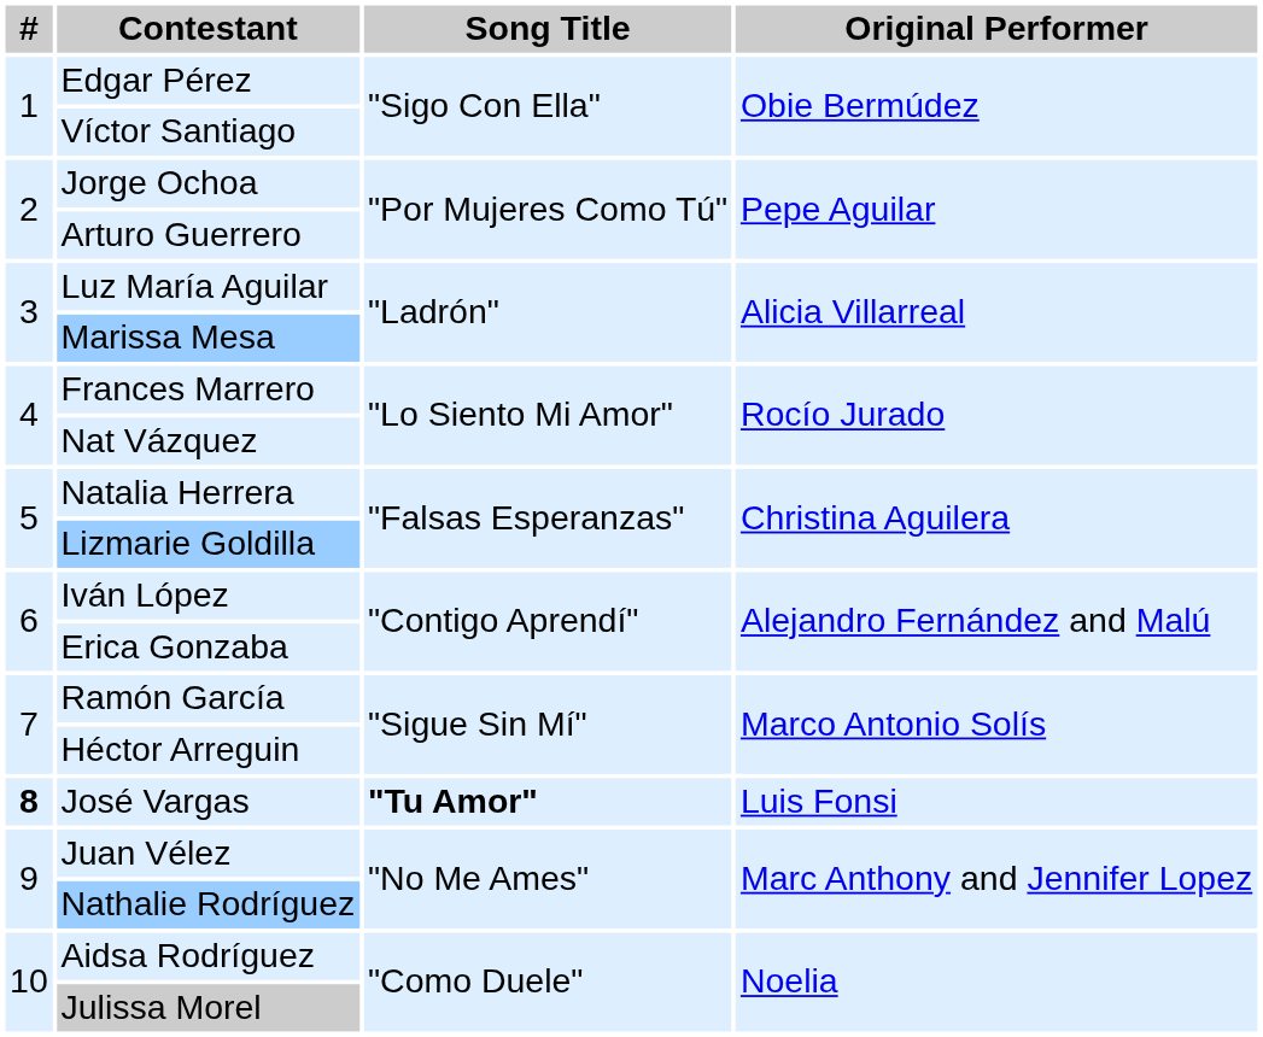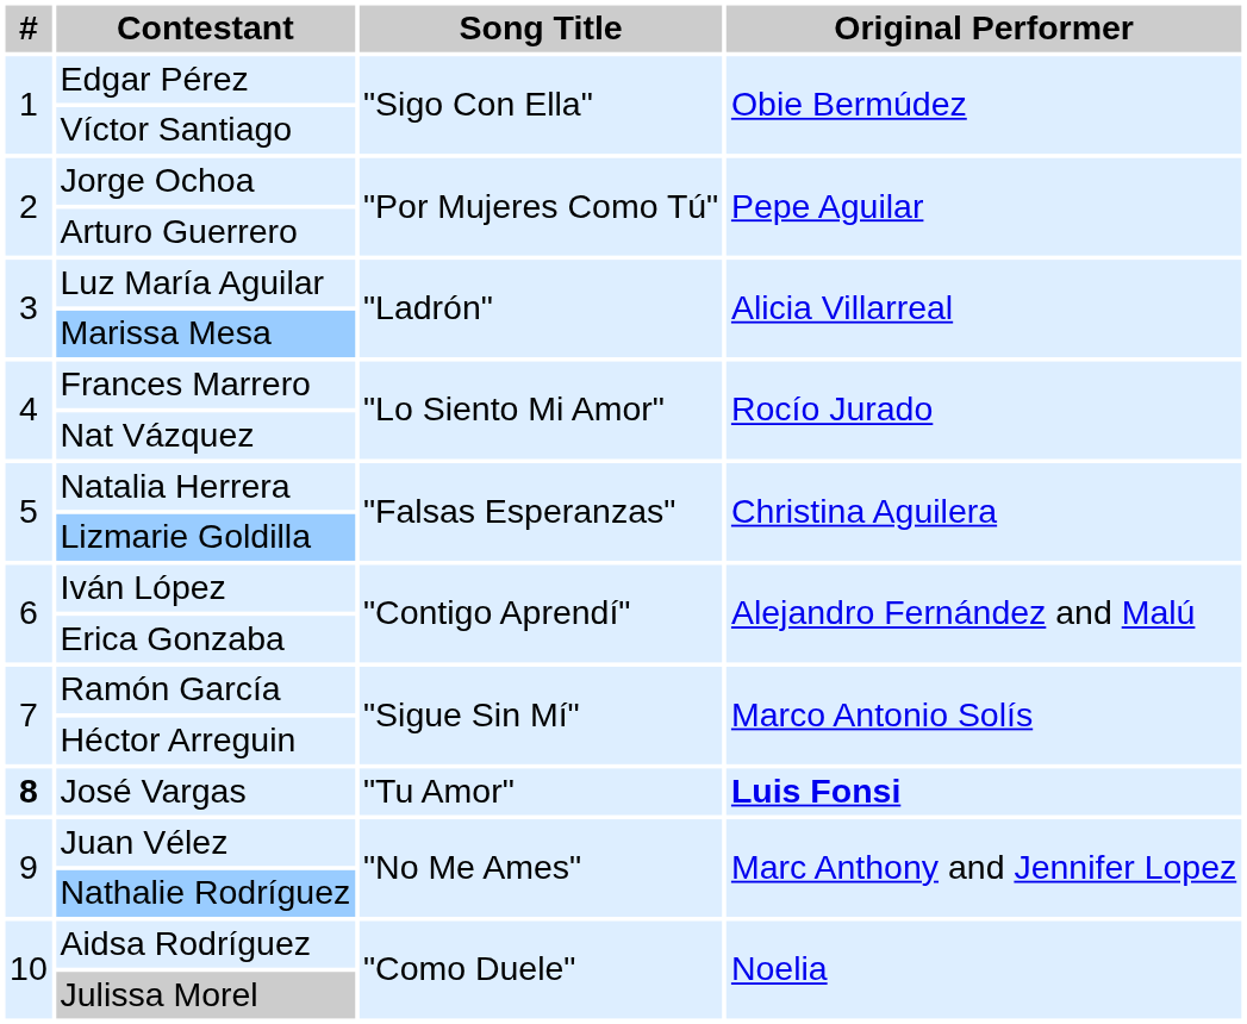 <table cellpadding=2 cellspacing=2>
 <tr bgcolor=#cccccc>
 <th>#</th>
 <th>Contestant</th>
 <th>Song Title</th>
 <th>Original Performer</th>
 </tr>
 <tr bgcolor=#DDEEFF>
 <td rowspan="2" align=center>1</td>
 <td>Edgar Pérez</td>
 <td rowspan="2">"Sigo Con Ella"</td>
 <td rowspan="2"><a href='#'>Obie Bermúdez</a></td>
 </tr>
 <tr bgcolor=#DDEEFF>
 <td>Víctor Santiago</td>
 </tr>
 <tr bgcolor=#DDEEFF>
 <td rowspan="2" align=center>2</td>
 <td>Jorge Ochoa</td>
 <td rowspan="2">"Por Mujeres Como Tú"</td>
 <td rowspan="2"><a href='#'>Pepe Aguilar</a></td>
 </tr>
 <tr bgcolor=#DDEEFF>
 <td>Arturo Guerrero</td>
 </tr>
 <tr bgcolor=#DDEEFF>
 <td rowspan="2" align=center>3</td>
 <td>Luz María Aguilar</td>
 <td rowspan="2">"Ladrón"</td>
 <td rowspan="2"><a href='#'>Alicia Villarreal</a></td>
 </tr>
 <tr bgcolor=#99CCFF>
 <td>Marissa Mesa</td>
 </tr>
 <tr bgcolor=#DDEEFF>
 <td rowspan="2" align=center>4</td>
 <td>Frances Marrero</td>
 <td rowspan="2">"Lo Siento Mi Amor"</td>
 <td rowspan="2"><a href='#'>Rocío Jurado</a></td>
 </tr>
 <tr bgcolor=#DDEEFF>
 <td>Nat Vázquez</td>
 </tr>
 <tr bgcolor=#DDEEFF>
 <td rowspan="2" align=center>5</td>
 <td>Natalia Herrera</td>
 <td rowspan="2">"Falsas Esperanzas"</td>
 <td rowspan="2"><a href='#'>Christina Aguilera</a></td>
 </tr>
 <tr bgcolor=#99CCFF>
 <td>Lizmarie Goldilla</td>
 </tr>
 <tr bgcolor=#DDEEFF>
 <td rowspan="2" align=center>6</td>
 <td>Iván López</td>
 <td rowspan="2">"Contigo Aprendí"</td>
 <td rowspan="2"><a href='#'>Alejandro Fernández</a> and <a href='#'>Malú</a></td>
 </tr>
 <tr bgcolor=#DDEEFF>
 <td>Erica Gonzaba</td>
 </tr>
 <tr bgcolor=#DDEEFF>
 <td rowspan="2" align=center>7</td>
 <td>Ramón García</td>
 <td rowspan="2">"Sigue Sin Mí"</td>
 <td rowspan="2"><a href='#'>Marco Antonio Solís</a></td>
 </tr>
 <tr bgcolor=#DDEEFF>
 <td>Héctor Arreguin</td>
 </tr>
 <tr bgcolor=#DDEEFF>
 <td align=center><strong>8</strong></td>
 <td>José Vargas</td>
-<td><strong>"Tu Amor"</strong></td>
-<td><a href='#'>Luis Fonsi</a></td>
+<td>"Tu Amor"</td>
+<td><strong><a href='#'>Luis Fonsi</a></strong></td>
 </tr>
 <tr bgcolor=#DDEEFF>
 <td rowspan="2" align=center>9</td>
 <td>Juan Vélez</td>
 <td rowspan="2">"No Me Ames"</td>
 <td rowspan="2"><a href='#'>Marc Anthony</a> and <a href='#'>Jennifer Lopez</a></td>
 </tr>
 <tr bgcolor=#99CCFF>
 <td>Nathalie Rodríguez</td>
 </tr>
 <tr bgcolor=#DDEEFF>
 <td rowspan="2" align=center>10</td>
 <td>Aidsa Rodríguez</td>
 <td rowspan="2">"Como Duele"</td>
 <td rowspan="2"><a href='#'>Noelia</a></td>
 </tr>
 <tr bgcolor=#CCCCCC>
 <td>Julissa Morel</td>
 </tr>
 </table>
